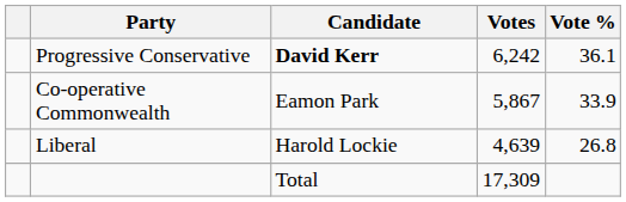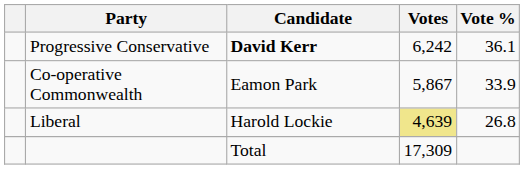 <table class="wikitable">
 <tr>
 <th></th>
 <th scope="col" width="175">Party</th>
 <th scope="col" width="150">Candidate</th>
 <th>Votes</th>
 <th>Vote %</th>
 </tr>
 <tr>
 <td>   </td>
 <td>Progressive Conservative</td>
 <td><strong>David Kerr</strong></td>
 <td align=right>6,242</td>
 <td align=right>36.1</td>
 </tr>
 <tr |>
 <td>   </td>
 <td>Co-operative Commonwealth</td>
 <td>Eamon Park</td>
 <td align=right>5,867</td>
 <td align=right>33.9</td>
 </tr>
 <tr |>
 <td>   </td>
 <td>Liberal</td>
 <td>Harold Lockie</td>
-<td align=right>4,639</td>
+<td align=right style="background: khaki;">4,639</td>
 <td align=right>26.8</td>
 </tr>
 <tr |>
 </tr>
 <tr>
 <td></td>
 <td></td>
 <td>Total</td>
 <td align=right>17,309</td>
 <td></td>
 </tr>
 </table>
